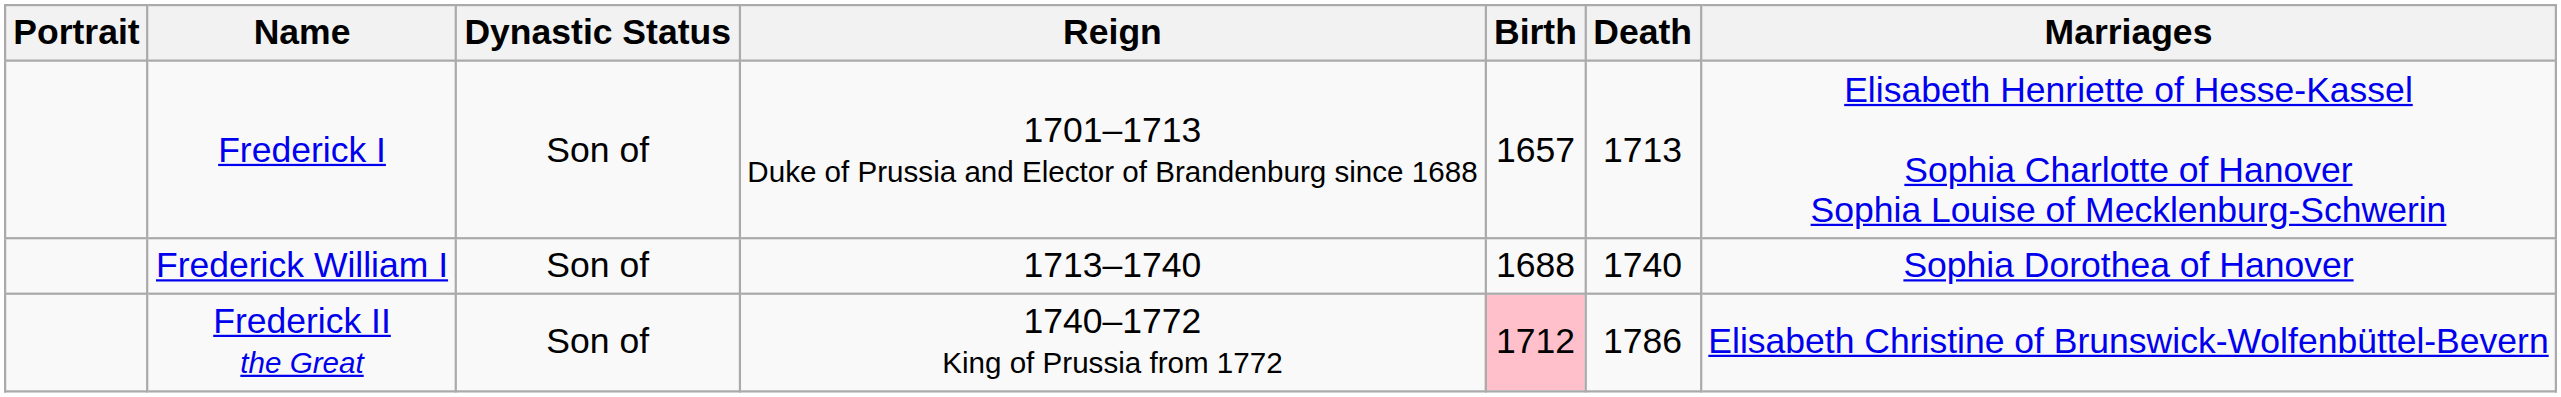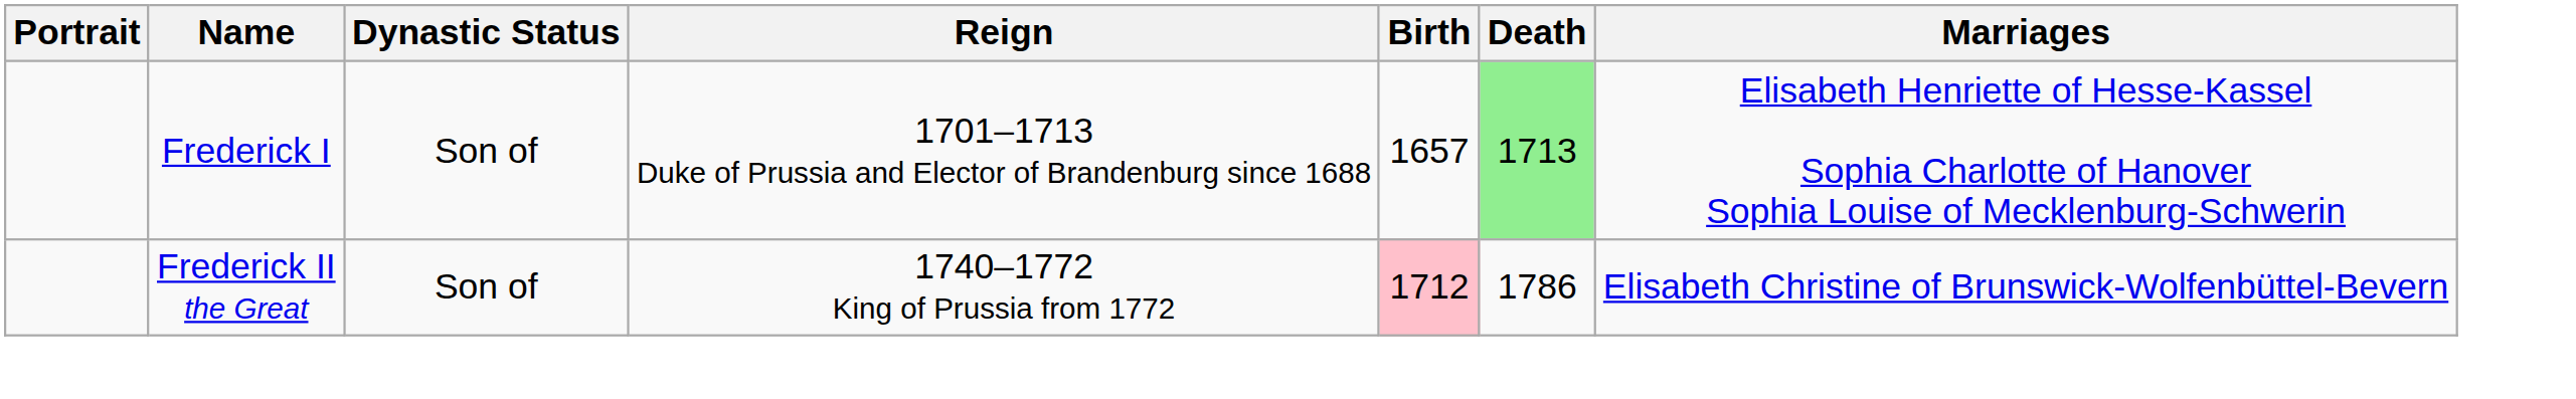 <table class="wikitable">
 <tr>
 <th>Portrait</th>
 <th>Name</th>
 <th>Dynastic Status</th>
 <th>Reign</th>
 <th>Birth</th>
 <th>Death</th>
 <th>Marriages</th>
 </tr>
 <tr>
 <td align="center"></td>
 <td align="center"><a href='#'>Frederick I</a><br></td>
 <td align="center">Son of</td>
 <td align="center">1701–1713<br><small>Duke of Prussia and Elector of Brandenburg since 1688</small></td>
 <td align="center">1657</td>
-<td align="center">1713</td>
+<td align="center" style="background: lightgreen;">1713</td>
 <td align="center"><a href='#'>Elisabeth Henriette of Hesse-Kassel</a><br><br><a href='#'>Sophia Charlotte of Hanover</a><br> <a href='#'>Sophia Louise of Mecklenburg-Schwerin</a></td>
-</tr>
-<tr>
-<td align="center"></td>
-<td align="center"><a href='#'>Frederick William I</a></td>
-<td align="center">Son of</td>
-<td align="center">1713–1740</td>
-<td align="center">1688</td>
-<td align="center">1740</td>
-<td align="center"><a href='#'>Sophia Dorothea of Hanover</a></td>
 </tr>
 <tr>
 <td align="center"></td>
 <td align="center"><a href='#'>Frederick II<br><small><em>the Great</em></small></a></td>
 <td align="center">Son of</td>
 <td align="center">1740–1772<br><small>King of Prussia from 1772</small></td>
 <td align="center" style="background: pink;">1712</td>
 <td align="center">1786</td>
 <td align="center"><a href='#'>Elisabeth Christine of Brunswick-Wolfenbüttel-Bevern</a></td>
 </tr>
 </table>
